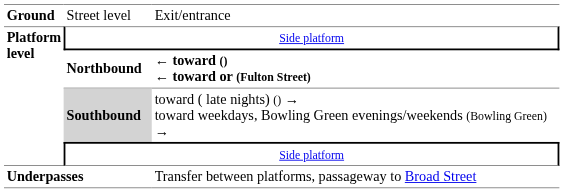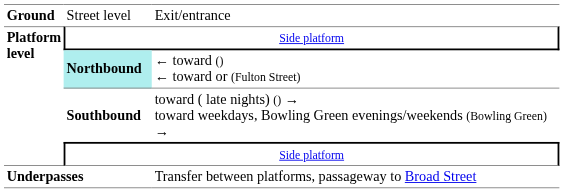 <table table border=0 cellspacing=0 cellpadding=3>
 <tr>
 <td style="border-top:solid 1px gray;" width=50><strong>Ground</strong></td>
 <td style="border-top:solid 1px gray;" width=100>Street level</td>
 <td style="border-top:solid 1px gray;" width=725>Exit/entrance</td>
 </tr>
 <tr>
 <td style="border-top:solid 1px gray;border-bottom:solid 1px gray;" rowspan=4 valign=top><strong>Platform<br>level</strong></td>
 <td style="border-top:solid 1px gray;border-right:solid 2px black;border-left:solid 2px black;border-bottom:solid 2px black;text-align:center;" colspan=2><small><a href='#'>Side platform</a></small></td>
 </tr>
 <tr>
-<td style="border-bottom:solid 1px gray;"><span><strong>Northbound</strong></span></td>
-<td style="border-bottom:solid 1px gray;"><strong>←  toward  <small>()</small><br>←  toward  or  <small>(Fulton Street)</small></strong></td>
+<td style="background: paleturquoise; border-bottom:solid 1px gray;"><span><strong>Northbound</strong></span></td>
+<td style="border-bottom:solid 1px gray;">←  toward  <small>()</small><br>←  toward  or  <small>(Fulton Street)</small></td>
 </tr>
 <tr>
-<td style="background: lightgrey;"><span><strong>Southbound</strong></span></td>
+<td><span><strong>Southbound</strong></span></td>
 <td>  toward  ( late nights) <small>()</small> →<br>  toward  weekdays, Bowling Green evenings/weekends <small>(Bowling Green)</small> →</td>
 </tr>
 <tr>
 <td style="border-bottom:solid 1px gray;border-top:solid 2px black;border-right:solid 2px black;border-left:solid 2px black;text-align:center;" colspan=2><small><a href='#'>Side platform</a></small></td>
 </tr>
 <tr>
 <td style="border-bottom:solid 1px gray;" colspan=2><strong>Underpasses</strong></td>
 <td style="border-bottom:solid 1px gray;">Transfer between platforms, passageway to <a href='#'>Broad Street</a></td>
 </tr>
 </table>
